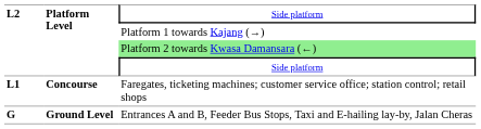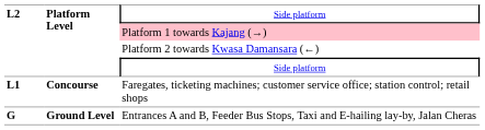 <table border="0" cellspacing="0" cellpadding="3" table>
 <tr>
 <td rowspan="4" style="border-top:solid 1px gray;border-bottom:solid 1px gray;" width="50" valign="top"><strong>L2</strong></td>
 <td rowspan="4" style="border-top:solid 1px gray;border-bottom:solid 1px gray;" width="100" valign="top"><strong>Platform Level</strong></td>
 <td style="border-top:solid 1px gray;border-right:solid 2px black;border-left:solid 2px black;border-bottom:solid 2px black;text-align:center;"><small><a href='#'>Side platform</a></small></td>
 </tr>
 <tr>
-<td width="500">Platform 1  towards  <a href='#'>Kajang</a> (→)</td>
+<td width="500" style="background: pink;">Platform 1  towards  <a href='#'>Kajang</a> (→)</td>
 </tr>
 <tr>
-<td width="500" style="background: lightgreen;">Platform 2  towards  <a href='#'>Kwasa Damansara</a> (←)</td>
+<td width="500">Platform 2  towards  <a href='#'>Kwasa Damansara</a> (←)</td>
 </tr>
 <tr>
 <td style="width=500;border-top:solid 2px black;border-right:solid 2px black;border-left:solid 2px black;border-bottom:solid 1px gray;text-align:center;"><small><a href='#'>Side platform</a></small></td>
 </tr>
 <tr style="vertical-align:top;">
 <td style="border-bottom:solid 1px gray; "><strong>L1</strong></td>
 <td style="border-bottom:solid 1px gray; "><strong>Concourse</strong></td>
 <td style="border-bottom:solid 1px gray; " width="500">Faregates, ticketing machines; customer service office; station control; retail shops</td>
 </tr>
 <tr>
 <td style="border-bottom:solid 1px gray; "><strong>G</strong></td>
 <td style="border-bottom:solid 1px gray; "><strong>Ground Level</strong></td>
 <td style="border-bottom:solid 1px gray; ">Entrances A and B, Feeder Bus Stops, Taxi and E-hailing lay-by, Jalan Cheras</td>
 </tr>
 </table>
